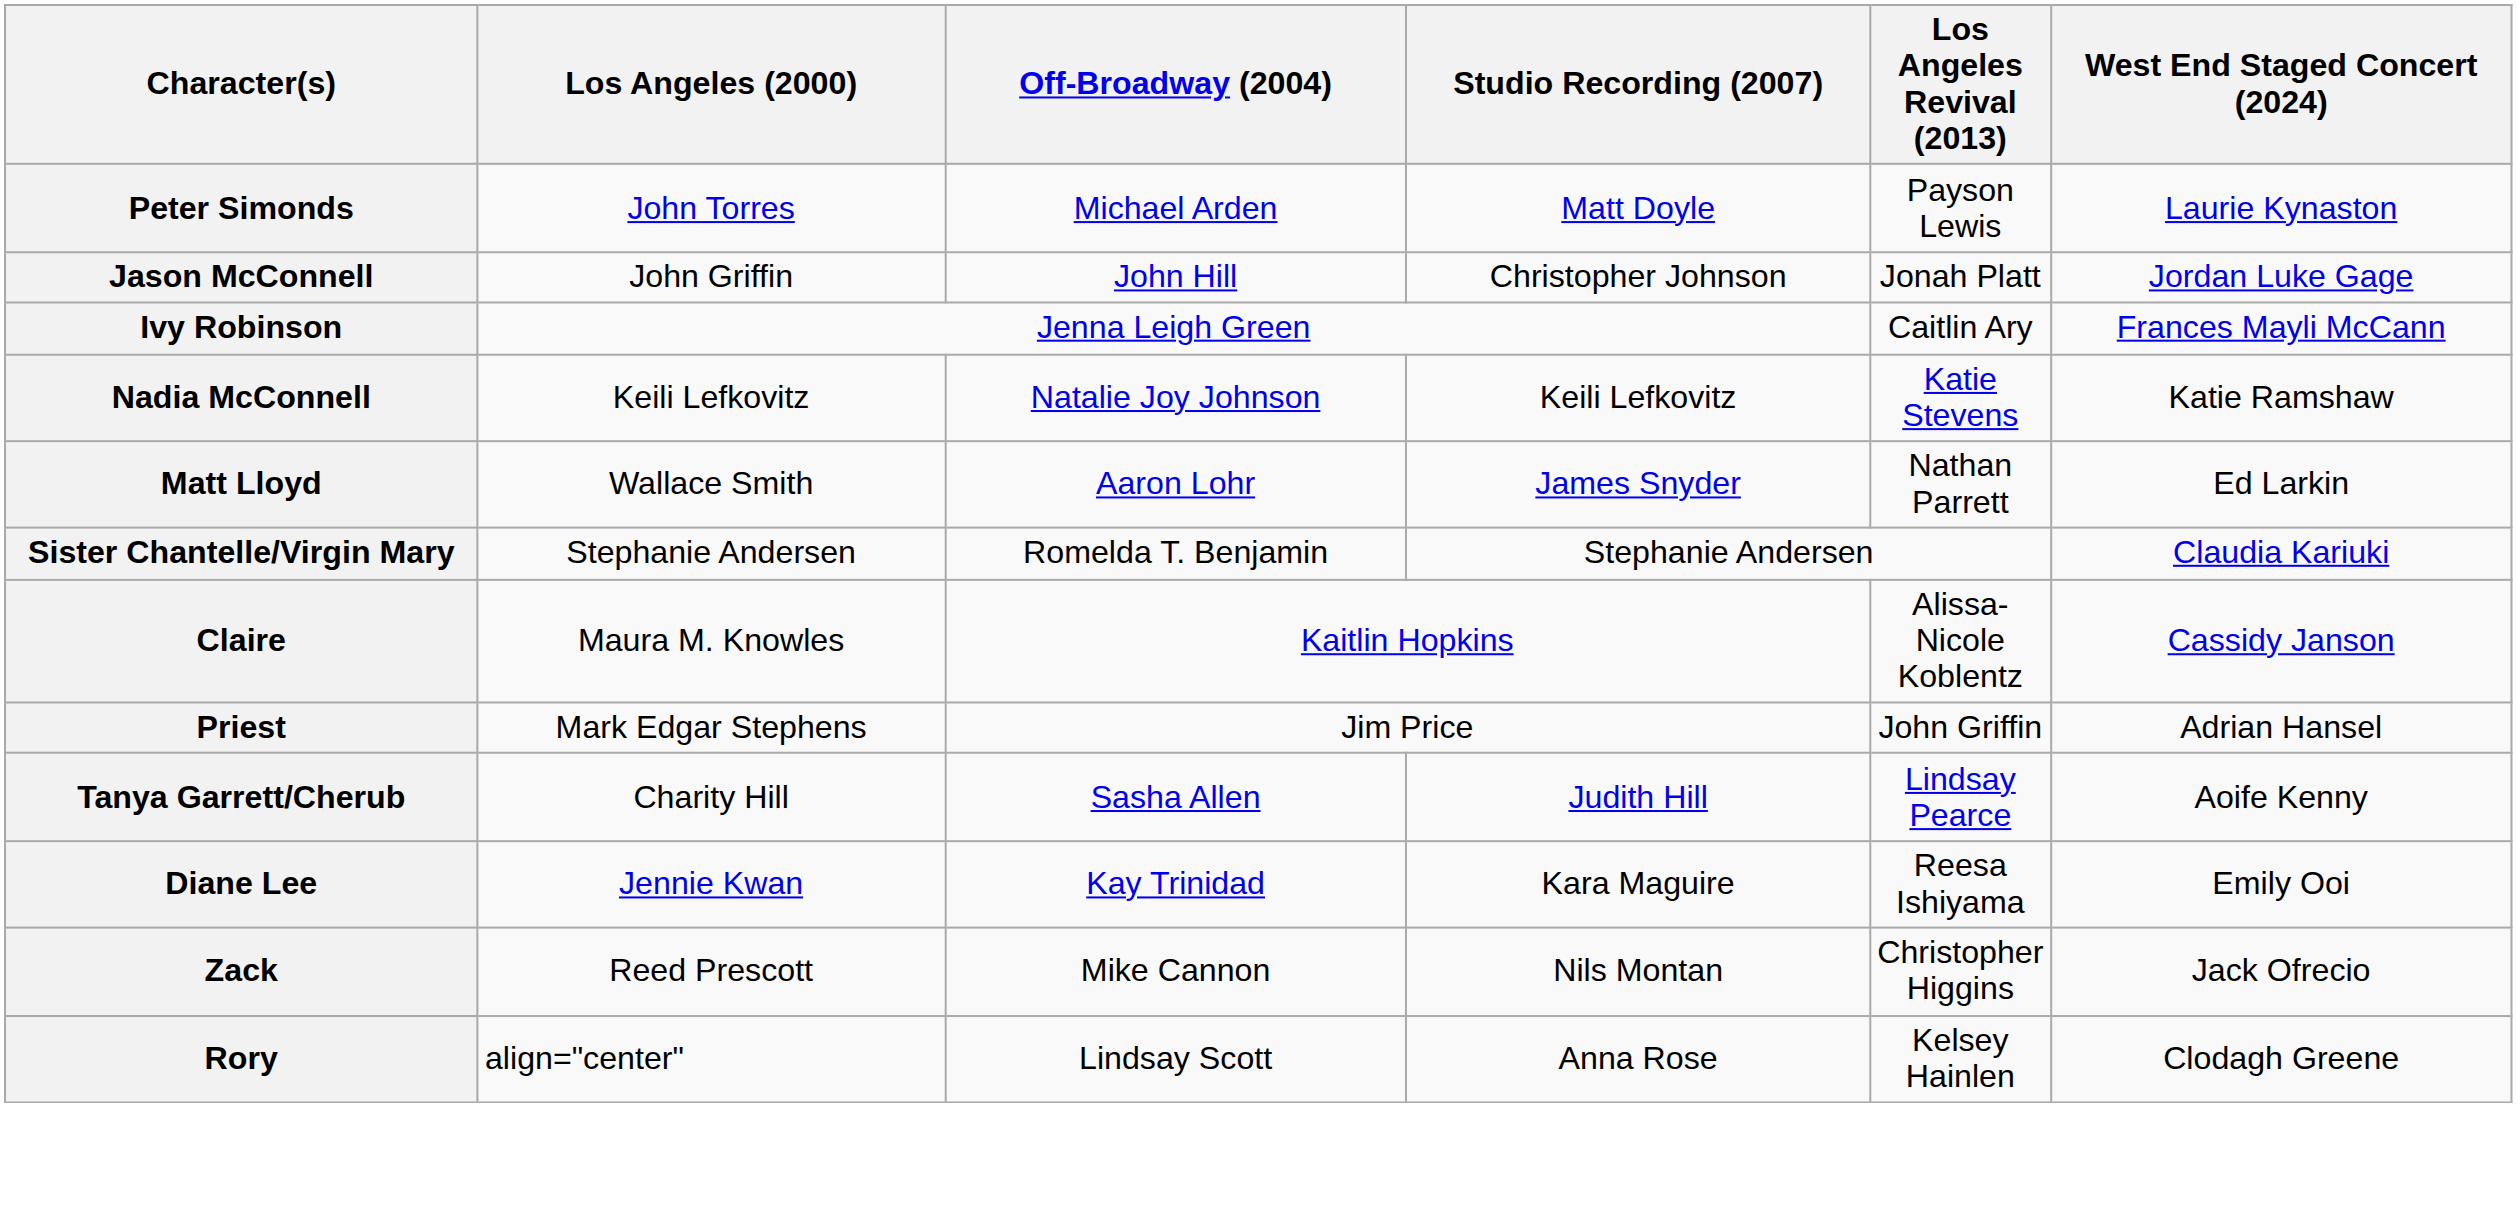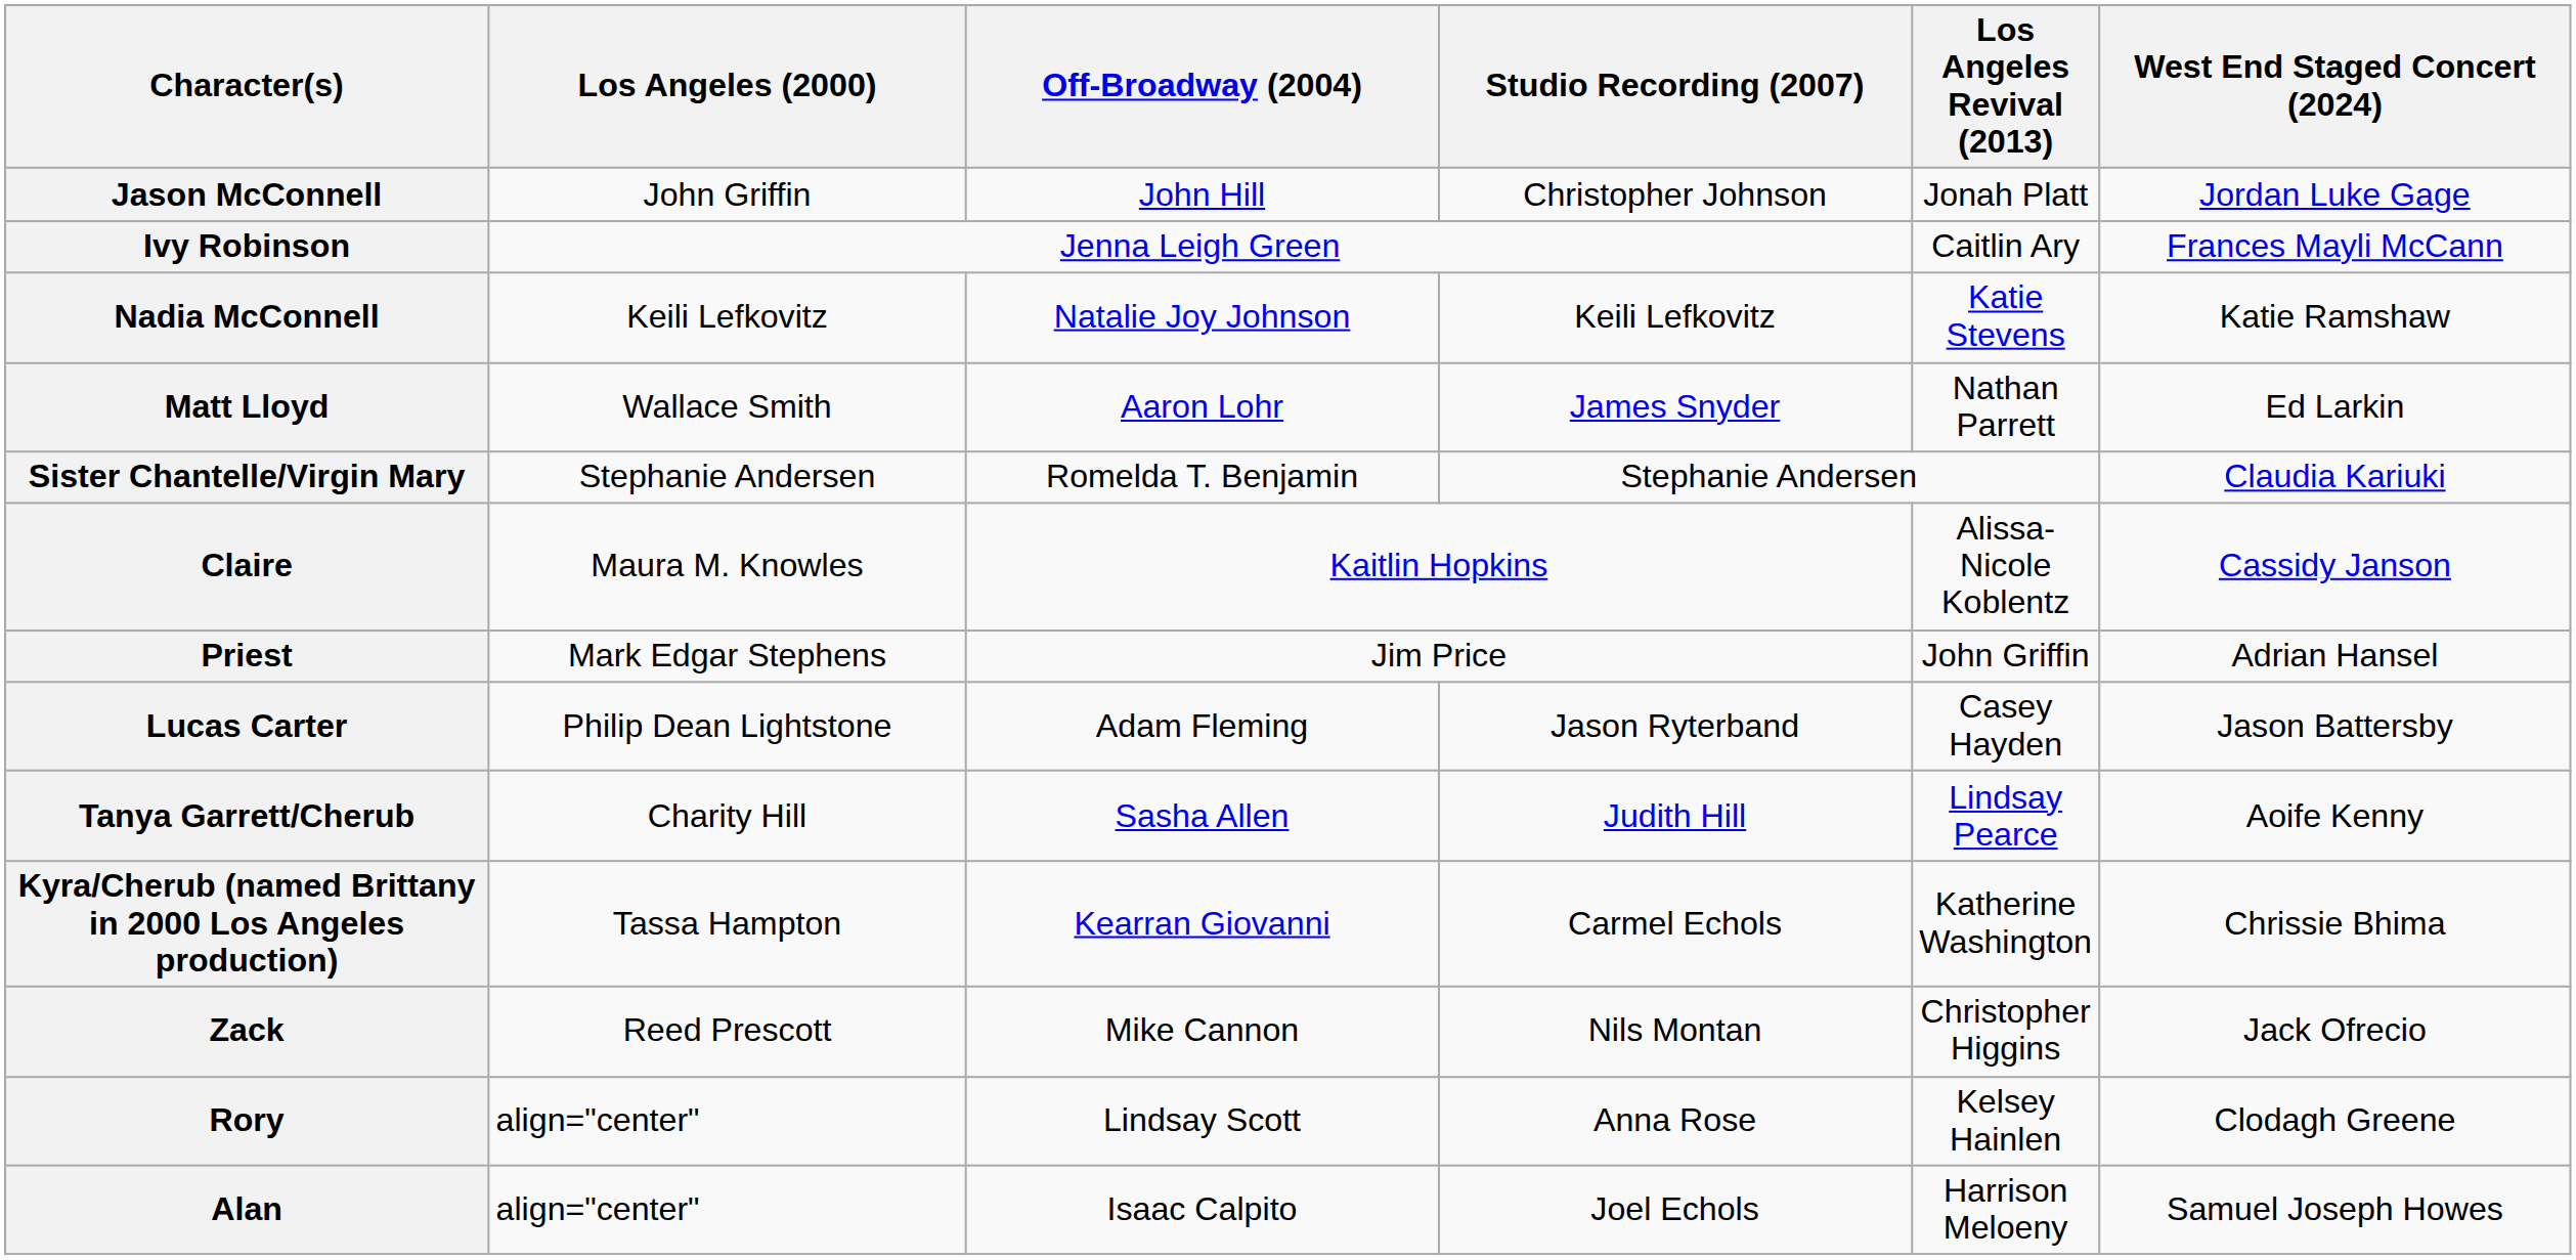 <table class="wikitable">
 <tr>
 <th width="20%">Character(s)</th>
 <th width="20%">Los Angeles (2000) </th>
 <th width="20%"><a href='#'>Off-Broadway</a> (2004) </th>
 <th width="20%">Studio Recording (2007) </th>
 <th>Los Angeles Revival (2013) </th>
 <th width="20%">West End Staged Concert (2024) </th>
-</tr>
-<tr>
-<th scope="row">Peter Simonds</th>
-<td align="center"><a href='#'>John Torres</a></td>
-<td align="center"><a href='#'>Michael Arden</a></td>
-<td align="center"><a href='#'>Matt Doyle</a></td>
-<td align="center">Payson Lewis</td>
-<td align="center"><a href='#'>Laurie Kynaston</a></td>
 </tr>
 <tr>
 <th scope="row">Jason McConnell</th>
 <td align="center">John Griffin</td>
 <td align="center"><a href='#'>John Hill</a></td>
 <td align="center">Christopher Johnson</td>
 <td align="center">Jonah Platt</td>
 <td align="center"><a href='#'>Jordan Luke Gage</a></td>
 </tr>
 <tr>
 <th scope="row">Ivy Robinson</th>
 <td colspan="3" align="center"><a href='#'>Jenna Leigh Green</a></td>
 <td align="center">Caitlin Ary</td>
 <td align="center"><a href='#'>Frances Mayli McCann</a></td>
 </tr>
 <tr>
 <th scope="row">Nadia McConnell</th>
 <td align="center">Keili Lefkovitz</td>
 <td align="center"><a href='#'>Natalie Joy Johnson</a></td>
 <td align="center">Keili Lefkovitz</td>
 <td align="center"><a href='#'>Katie Stevens</a></td>
 <td align="center">Katie Ramshaw</td>
 </tr>
 <tr>
 <th scope="row">Matt Lloyd</th>
 <td align="center">Wallace Smith</td>
 <td align="center"><a href='#'>Aaron Lohr</a></td>
 <td align="center"><a href='#'>James Snyder</a></td>
 <td align="center">Nathan Parrett</td>
 <td align="center">Ed Larkin</td>
 </tr>
 <tr>
 <th scope="row">Sister Chantelle/Virgin Mary</th>
 <td align="center">Stephanie Andersen</td>
 <td align="center">Romelda T. Benjamin</td>
 <td colspan="2" align="center">Stephanie Andersen</td>
 <td align="center"><a href='#'>Claudia Kariuki</a></td>
 </tr>
 <tr>
 <th scope="row">Claire</th>
 <td align="center">Maura M. Knowles</td>
 <td colspan="2" align="center"><a href='#'>Kaitlin Hopkins</a></td>
 <td align="center">Alissa-Nicole Koblentz</td>
 <td align="center"><a href='#'>Cassidy Janson</a></td>
 </tr>
 <tr>
 <th scope="row">Priest</th>
 <td align="center">Mark Edgar Stephens</td>
 <td colspan="2" align="center">Jim Price</td>
 <td align="center">John Griffin</td>
 <td align="center">Adrian Hansel</td>
 </tr>
 <tr>
+<th scope="row">Lucas Carter</th>
+<td align="center">Philip Dean Lightstone</td>
+<td align="center">Adam Fleming</td>
+<td align="center">Jason Ryterband</td>
+<td align="center">Casey Hayden</td>
+<td align="center">Jason Battersby</td>
+</tr>
+<tr>
 <th scope="row">Tanya Garrett/Cherub</th>
 <td align="center">Charity Hill</td>
 <td align="center"><a href='#'>Sasha Allen</a></td>
 <td align="center"><a href='#'>Judith Hill</a></td>
 <td align="center"><a href='#'>Lindsay Pearce</a></td>
 <td align="center">Aoife Kenny</td>
 </tr>
 <tr>
-<th scope="row">Diane Lee</th>
-<td align="center"><a href='#'>Jennie Kwan</a></td>
-<td align="center"><a href='#'>Kay Trinidad</a></td>
-<td align="center">Kara Maguire</td>
-<td align="center">Reesa Ishiyama</td>
-<td align="center">Emily Ooi</td>
+<th scope="row">Kyra/Cherub (named Brittany in 2000 Los Angeles production)</th>
+<td align="center">Tassa Hampton</td>
+<td align="center"><a href='#'>Kearran Giovanni</a></td>
+<td align="center">Carmel Echols</td>
+<td align="center">Katherine Washington</td>
+<td align="center">Chrissie Bhima</td>
 </tr>
 <tr>
 <th scope="row">Zack</th>
 <td align="center">Reed Prescott</td>
 <td align="center">Mike Cannon</td>
 <td align="center">Nils Montan</td>
 <td align="center">Christopher Higgins</td>
 <td align="center">Jack Ofrecio</td>
 </tr>
 <tr>
 <th scope="row">Rory</th>
 <td>align="center" </td>
 <td align="center">Lindsay Scott</td>
 <td align="center">Anna Rose</td>
 <td align="center">Kelsey Hainlen</td>
 <td align="center">Clodagh Greene</td>
 </tr>
+<tr>
+<th scope="row">Alan</th>
+<td>align="center" </td>
+<td align="center">Isaac Calpito</td>
+<td align="center">Joel Echols</td>
+<td align="center">Harrison Meloeny</td>
+<td align="center">Samuel Joseph Howes</td>
+</tr>
 </table>
